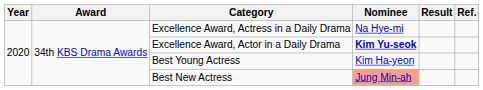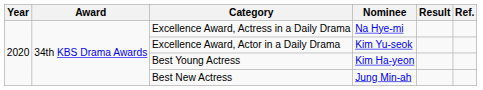 <table class="wikitable sortable">
 <tr>
 <th>Year</th>
 <th>Award</th>
 <th>Category</th>
 <th>Nominee</th>
 <th>Result</th>
 <th>Ref.</th>
 </tr>
 <tr>
 <td rowspan="4">2020</td>
 <td rowspan="4">34th <a href='#'>KBS Drama Awards</a></td>
 <td>Excellence Award, Actress in a Daily Drama</td>
 <td><a href='#'>Na Hye-mi</a></td>
 <td></td>
 <td></td>
 </tr>
 <tr>
 <td>Excellence Award, Actor in a Daily Drama</td>
-<td><strong><a href='#'>Kim Yu-seok</a></strong></td>
+<td><a href='#'>Kim Yu-seok</a></td>
 <td></td>
 <td></td>
 </tr>
 <tr>
 <td>Best Young Actress</td>
 <td><a href='#'>Kim Ha-yeon</a></td>
 <td></td>
 <td></td>
 </tr>
 <tr>
 <td>Best New Actress</td>
-<td style="background: lightsalmon;"><a href='#'>Jung Min-ah</a></td>
+<td><a href='#'>Jung Min-ah</a></td>
 <td></td>
 <td></td>
 </tr>
 </table>
